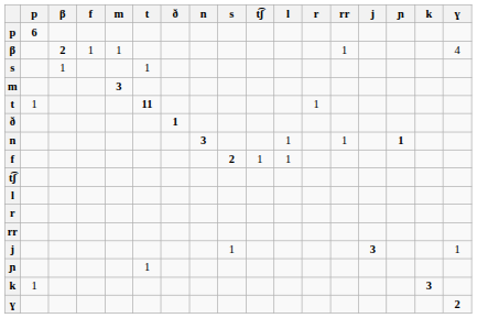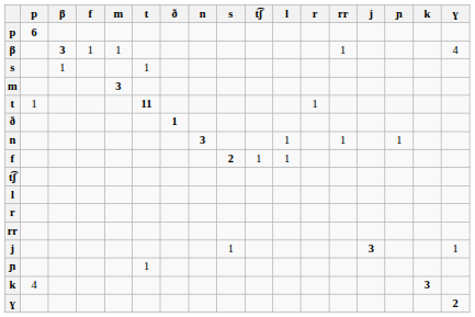 <table class="wikitable" style="text-align:center;">
 <tr>
 <th></th>
 <th style="width:2em;">p</th>
 <th style="width:2em;">β</th>
 <th style="width:2em;">f</th>
 <th style="width:2em;">m</th>
 <th style="width:2em;">t</th>
 <th style="width:2em;">ð</th>
 <th style="width:2em;">n</th>
 <th style="width:2em;">s</th>
 <th style="width:2em;">t͡ʃ</th>
 <th style="width:2em;">l</th>
 <th style="width:2em;">r</th>
 <th style="width:2em;">rr</th>
 <th style="width:2em;">j</th>
 <th style="width:2em;">ɲ</th>
 <th style="width:2em;">k</th>
 <th style="width:2em;">ɣ</th>
 </tr>
 <tr>
 <th>p</th>
 <td><strong>6</strong></td>
 <td></td>
 <td></td>
 <td></td>
 <td></td>
 <td></td>
 <td></td>
 <td></td>
 <td></td>
 <td></td>
 <td></td>
 <td></td>
 <td></td>
 <td></td>
 <td></td>
 <td></td>
 </tr>
 <tr>
 <th>β</th>
 <td></td>
-<td><strong>2</strong></td>
+<td><strong>3</strong></td>
 <td>1</td>
 <td>1</td>
 <td></td>
 <td></td>
 <td></td>
 <td></td>
 <td></td>
 <td></td>
 <td></td>
 <td>1</td>
 <td></td>
 <td></td>
 <td></td>
 <td>4</td>
 </tr>
 <tr>
 <th>s</th>
 <td></td>
 <td>1</td>
 <td></td>
 <td></td>
 <td>1</td>
 <td></td>
 <td></td>
 <td></td>
 <td></td>
 <td></td>
 <td></td>
 <td></td>
 <td></td>
 <td></td>
 <td></td>
 <td></td>
 </tr>
 <tr>
 <th>m</th>
 <td></td>
 <td></td>
 <td></td>
 <td><strong>3</strong></td>
 <td></td>
 <td></td>
 <td></td>
 <td></td>
 <td></td>
 <td></td>
 <td></td>
 <td></td>
 <td></td>
 <td></td>
 <td></td>
 <td></td>
 </tr>
 <tr>
 <th>t</th>
 <td>1</td>
 <td></td>
 <td></td>
 <td></td>
 <td><strong>11</strong></td>
 <td></td>
 <td></td>
 <td></td>
 <td></td>
 <td></td>
 <td>1</td>
 <td></td>
 <td></td>
 <td></td>
 <td></td>
 <td></td>
 </tr>
 <tr>
 <th>ð</th>
 <td></td>
 <td></td>
 <td></td>
 <td></td>
 <td></td>
 <td><strong>1</strong></td>
 <td></td>
 <td></td>
 <td></td>
 <td></td>
 <td></td>
 <td></td>
 <td></td>
 <td></td>
 <td></td>
 <td></td>
 </tr>
 <tr>
 <th>n</th>
 <td></td>
 <td></td>
 <td></td>
 <td></td>
 <td></td>
 <td></td>
 <td><strong>3</strong></td>
 <td></td>
 <td></td>
 <td>1</td>
 <td></td>
 <td>1</td>
 <td></td>
-<td><strong>1</strong></td>
+<td>1</td>
 <td></td>
 <td></td>
 </tr>
 <tr>
 <th>f</th>
 <td></td>
 <td></td>
 <td></td>
 <td></td>
 <td></td>
 <td></td>
 <td></td>
 <td><strong>2</strong></td>
 <td>1</td>
 <td>1</td>
 <td></td>
 <td></td>
 <td></td>
 <td></td>
 <td></td>
 <td></td>
 </tr>
 <tr>
 <th>t͡ʃ</th>
 <td></td>
 <td></td>
 <td></td>
 <td></td>
 <td></td>
 <td></td>
 <td></td>
 <td></td>
 <td></td>
 <td></td>
 <td></td>
 <td></td>
 <td></td>
 <td></td>
 <td></td>
 <td></td>
 </tr>
 <tr>
 <th>l</th>
 <td></td>
 <td></td>
 <td></td>
 <td></td>
 <td></td>
 <td></td>
 <td></td>
 <td></td>
 <td></td>
 <td></td>
 <td></td>
 <td></td>
 <td></td>
 <td></td>
 <td></td>
 <td></td>
 </tr>
 <tr>
 <th>r</th>
 <td></td>
 <td></td>
 <td></td>
 <td></td>
 <td></td>
 <td></td>
 <td></td>
 <td></td>
 <td></td>
 <td></td>
 <td></td>
 <td></td>
 <td></td>
 <td></td>
 <td></td>
 <td></td>
 </tr>
 <tr>
 <th>rr</th>
 <td></td>
 <td></td>
 <td></td>
 <td></td>
 <td></td>
 <td></td>
 <td></td>
 <td></td>
 <td></td>
 <td></td>
 <td></td>
 <td></td>
 <td></td>
 <td></td>
 <td></td>
 <td></td>
 </tr>
 <tr>
 <th>j</th>
 <td></td>
 <td></td>
 <td></td>
 <td></td>
 <td></td>
 <td></td>
 <td></td>
 <td>1</td>
 <td></td>
 <td></td>
 <td></td>
 <td></td>
 <td><strong>3</strong></td>
 <td></td>
 <td></td>
 <td>1</td>
 </tr>
 <tr>
 <th>ɲ</th>
 <td></td>
 <td></td>
 <td></td>
 <td></td>
 <td>1</td>
 <td></td>
 <td></td>
 <td></td>
 <td></td>
 <td></td>
 <td></td>
 <td></td>
 <td></td>
 <td></td>
 <td></td>
 <td></td>
 </tr>
 <tr>
 <th>k</th>
-<td>1</td>
+<td>4</td>
 <td></td>
 <td></td>
 <td></td>
 <td></td>
 <td></td>
 <td></td>
 <td></td>
 <td></td>
 <td></td>
 <td></td>
 <td></td>
 <td></td>
 <td></td>
 <td><strong>3</strong></td>
 <td></td>
 </tr>
 <tr>
 <th>ɣ</th>
 <td></td>
 <td></td>
 <td></td>
 <td></td>
 <td></td>
 <td></td>
 <td></td>
 <td></td>
 <td></td>
 <td></td>
 <td></td>
 <td></td>
 <td></td>
 <td></td>
 <td></td>
 <td><strong>2</strong></td>
 </tr>
 </table>
